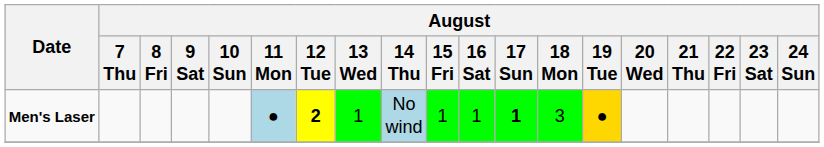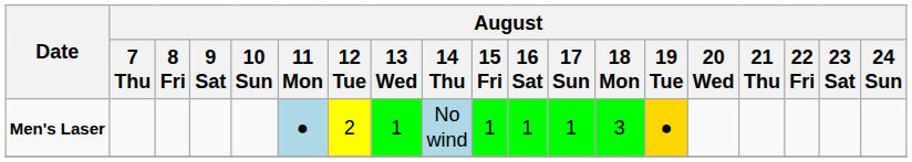 <table class="wikitable" style="margin:0.5em auto; font-size:90%; line-height:1.25em;">
 <tr>
 <th rowspan=2>Date</th>
 <th colspan=18>August</th>
 </tr>
 <tr>
 <th>7<br>Thu</th>
 <th>8<br>Fri</th>
 <th>9<br>Sat</th>
 <th>10<br>Sun</th>
 <th>11<br>Mon</th>
 <th>12<br>Tue</th>
 <th>13<br>Wed</th>
 <th>14<br>Thu</th>
 <th>15<br>Fri</th>
 <th>16<br>Sat</th>
 <th>17<br>Sun</th>
 <th>18<br>Mon</th>
 <th>19<br>Tue</th>
 <th>20<br>Wed</th>
 <th>21<br>Thu</th>
 <th>22<br>Fri</th>
 <th>23<br>Sat</th>
 <th>24<br>Sun</th>
 </tr>
 <tr align="center">
 <td align="right"><small><strong>Men's Laser</strong></small></td>
 <td></td>
 <td></td>
 <td></td>
 <td></td>
 <td bgcolor=LightBlue><span> ● </span></td>
-<td bgcolor=Yellow><strong><span> 2 </span></strong></td>
+<td bgcolor=Yellow><span> 2 </span></td>
 <td bgcolor=Lime><span> 1 </span></td>
 <td bgcolor=LightBlue><span> No<br>wind </span></td>
 <td bgcolor=Lime><span> 1 </span></td>
 <td bgcolor=Lime><span> 1 </span></td>
-<td bgcolor=Lime><strong><span> 1 </span></strong></td>
+<td bgcolor=Lime><span> 1 </span></td>
 <td bgcolor=Lime><span> 3 </span></td>
 <td bgcolor=Gold><span> ● </span></td>
 <td></td>
 <td></td>
 <td></td>
 <td></td>
 <td></td>
 </tr>
 <tr>
 </tr>
 </table>
